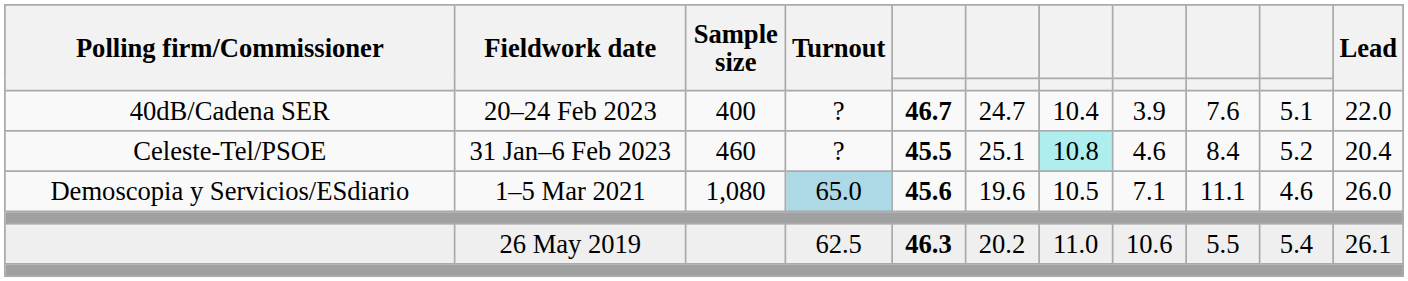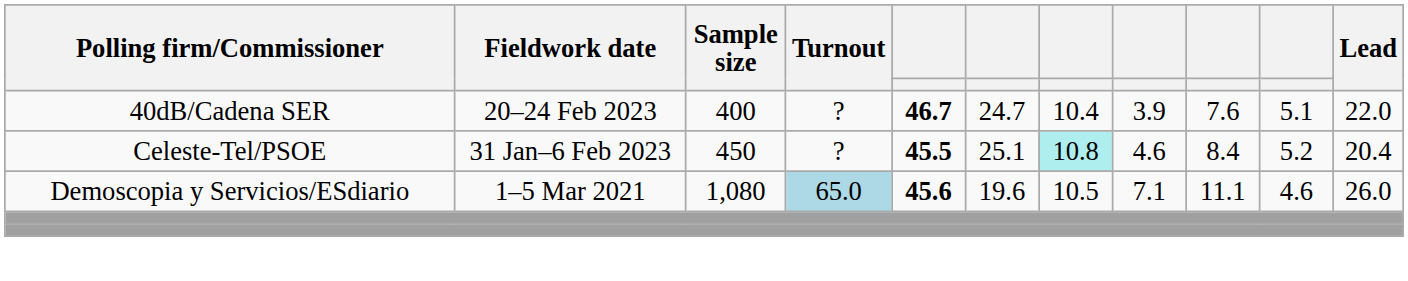 <table class="wikitable collapsible collapsed" style="text-align:center; font-size:95%; line-height:16px;">
 <tr style="height:42px;">
 <th style="width:250px;" rowspan="2">Polling firm/Commissioner</th>
 <th style="width:125px;" rowspan="2">Fieldwork date</th>
 <th style="width:50px;" rowspan="2">Sample size</th>
 <th style="width:45px;" rowspan="2">Turnout</th>
 <th style="width:35px;"></th>
 <th style="width:35px;"></th>
 <th style="width:35px;"></th>
 <th style="width:35px;"></th>
 <th style="width:35px;"></th>
 <th style="width:35px;"></th>
 <th style="width:30px;" rowspan="2">Lead</th>
 </tr>
 <tr>
 <th style="color:inherit;background:"></th>
 <th style="color:inherit;background:"></th>
 <th style="color:inherit;background:"></th>
 <th style="color:inherit;background:"></th>
 <th style="color:inherit;background:"></th>
 <th style="color:inherit;background:"></th>
 </tr>
 <tr>
 <td>40dB/Cadena SER</td>
 <td>20–24 Feb 2023</td>
 <td>400</td>
 <td>?</td>
 <td><strong>46.7</strong><br></td>
 <td>24.7<br></td>
 <td>10.4<br></td>
 <td>3.9<br></td>
 <td>7.6<br></td>
 <td>5.1<br></td>
 <td style="background:">22.0</td>
 </tr>
 <tr>
 <td>Celeste-Tel/PSOE</td>
 <td>31 Jan–6 Feb 2023</td>
-<td>460</td>
+<td>450</td>
 <td>?</td>
 <td><strong>45.5</strong><br></td>
 <td>25.1<br></td>
 <td style="background: paleturquoise;">10.8<br></td>
 <td>4.6<br></td>
 <td>8.4<br></td>
 <td>5.2<br></td>
 <td style="background:">20.4</td>
 </tr>
 <tr>
 <td>Demoscopia y Servicios/ESdiario</td>
 <td>1–5 Mar 2021</td>
 <td>1,080</td>
 <td style="background: lightblue;">65.0</td>
 <td><strong>45.6</strong><br></td>
 <td>19.6<br></td>
 <td>10.5<br></td>
 <td>7.1<br></td>
 <td>11.1<br></td>
 <td>4.6<br></td>
 <td style="background:">26.0</td>
 </tr>
 <tr>
 <td colspan="11" style="background:#A0A0A0"></td>
 </tr>
-<tr style="background:#EFEFEF;">
-<td><strong></strong></td>
-<td>26 May 2019</td>
-<td></td>
-<td>62.5</td>
-<td><strong>46.3</strong><br></td>
-<td>20.2<br></td>
-<td>11.0<br></td>
-<td>10.6<br></td>
-<td>5.5<br></td>
-<td>5.4<br></td>
-<td style="background:">26.1</td>
-</tr>
 <tr>
 <td colspan="11" style="background:#A0A0A0"></td>
 </tr>
 </table>
